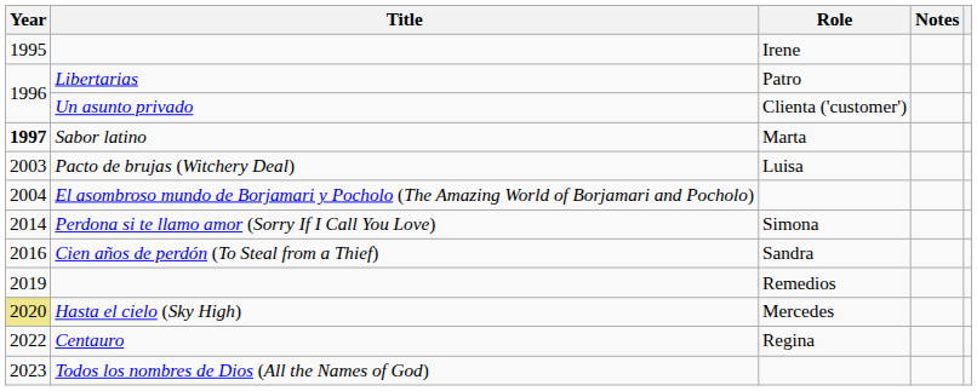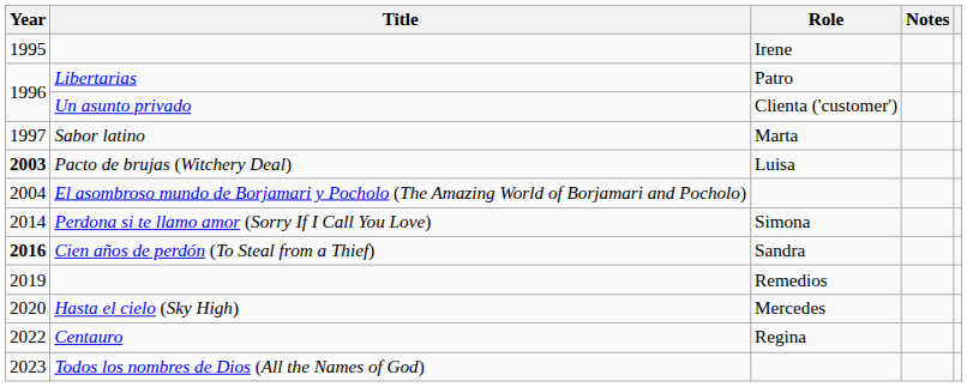 <table class="wikitable sortable">
 <tr>
 <th>Year</th>
 <th>Title</th>
 <th>Role</th>
 <th class = "unsortable">Notes</th>
 <th class = "unsortable"></th>
 </tr>
 <tr>
 <td align = "center">1995</td>
 <td><em></em></td>
 <td>Irene</td>
 <td></td>
 <td align = "center"></td>
 </tr>
 <tr>
 <td rowspan = "2" align = "center">1996</td>
 <td><em><a href='#'>Libertarias</a></em></td>
 <td>Patro</td>
 <td></td>
 <td align = "center"></td>
 </tr>
 <tr>
 <td><em><a href='#'>Un asunto privado</a></em></td>
 <td>Clienta ('customer')</td>
 <td></td>
 <td align = "center"></td>
 </tr>
 <tr>
-<td align = "center"><strong>1997</strong></td>
+<td align = "center">1997</td>
 <td><em>Sabor latino</em></td>
 <td>Marta</td>
 <td></td>
 <td align = "center"></td>
 </tr>
 <tr>
-<td align = "center">2003</td>
+<td align = "center"><strong>2003</strong></td>
 <td><em>Pacto de brujas</em> (<em>Witchery Deal</em>)</td>
 <td>Luisa</td>
 <td></td>
 <td align = "center"></td>
 </tr>
 <tr>
 <td align = "center">2004</td>
 <td><em><a href='#'>El asombroso mundo de Borjamari y Pocholo</a></em> (<em>The Amazing World of Borjamari and Pocholo</em>)</td>
 <td></td>
 <td></td>
 <td align = "center"></td>
 </tr>
 <tr>
 <td align = "center">2014</td>
 <td><em><a href='#'>Perdona si te llamo amor</a></em> (<em>Sorry If I Call You Love</em>)</td>
 <td>Simona</td>
 <td></td>
 <td align = "center"></td>
 </tr>
 <tr>
-<td align = "center">2016</td>
+<td align = "center"><strong>2016</strong></td>
 <td><em><a href='#'>Cien años de perdón</a></em> (<em>To Steal from a Thief</em>)</td>
 <td>Sandra</td>
 <td></td>
 <td align = "center"></td>
 </tr>
 <tr>
 <td align = "center">2019</td>
 <td><em></em></td>
 <td>Remedios</td>
 <td></td>
 <td align = "center"></td>
 </tr>
 <tr>
-<td align = "center" style="background: khaki;">2020</td>
+<td align = "center">2020</td>
 <td><em><a href='#'>Hasta el cielo</a></em> (<em>Sky High</em>)</td>
 <td>Mercedes</td>
 <td></td>
 <td align = "center"></td>
 </tr>
 <tr>
 <td align = "center">2022</td>
 <td><em><a href='#'>Centauro</a></em></td>
 <td>Regina</td>
 <td></td>
 <td align = "center"></td>
 </tr>
 <tr>
 <td align = "center">2023</td>
 <td><em><a href='#'>Todos los nombres de Dios</a></em> (<em>All the Names of God</em>)</td>
 <td></td>
 <td></td>
 <td align = "center"></td>
 </tr>
 </table>
